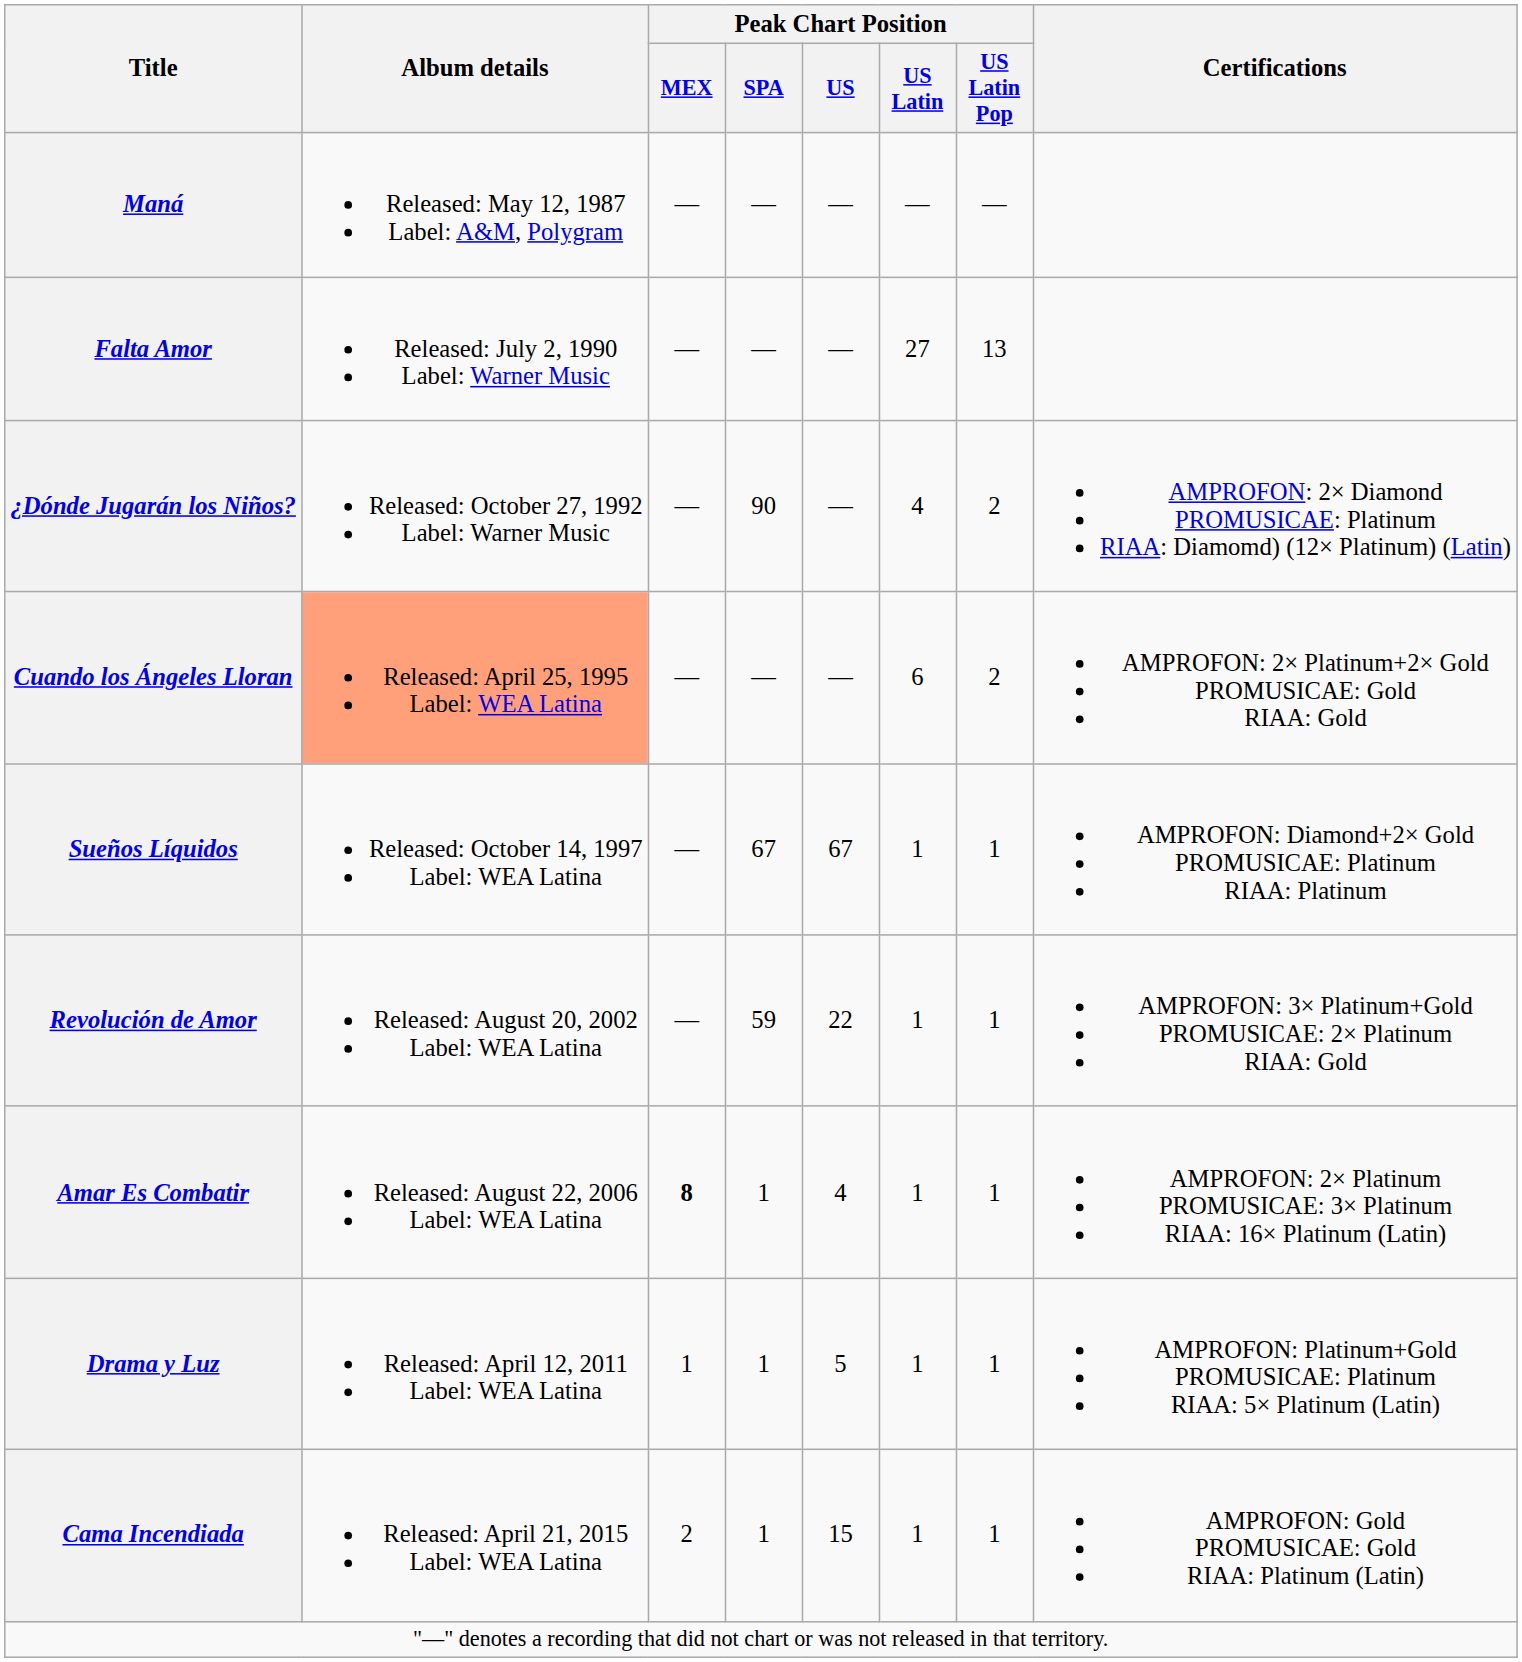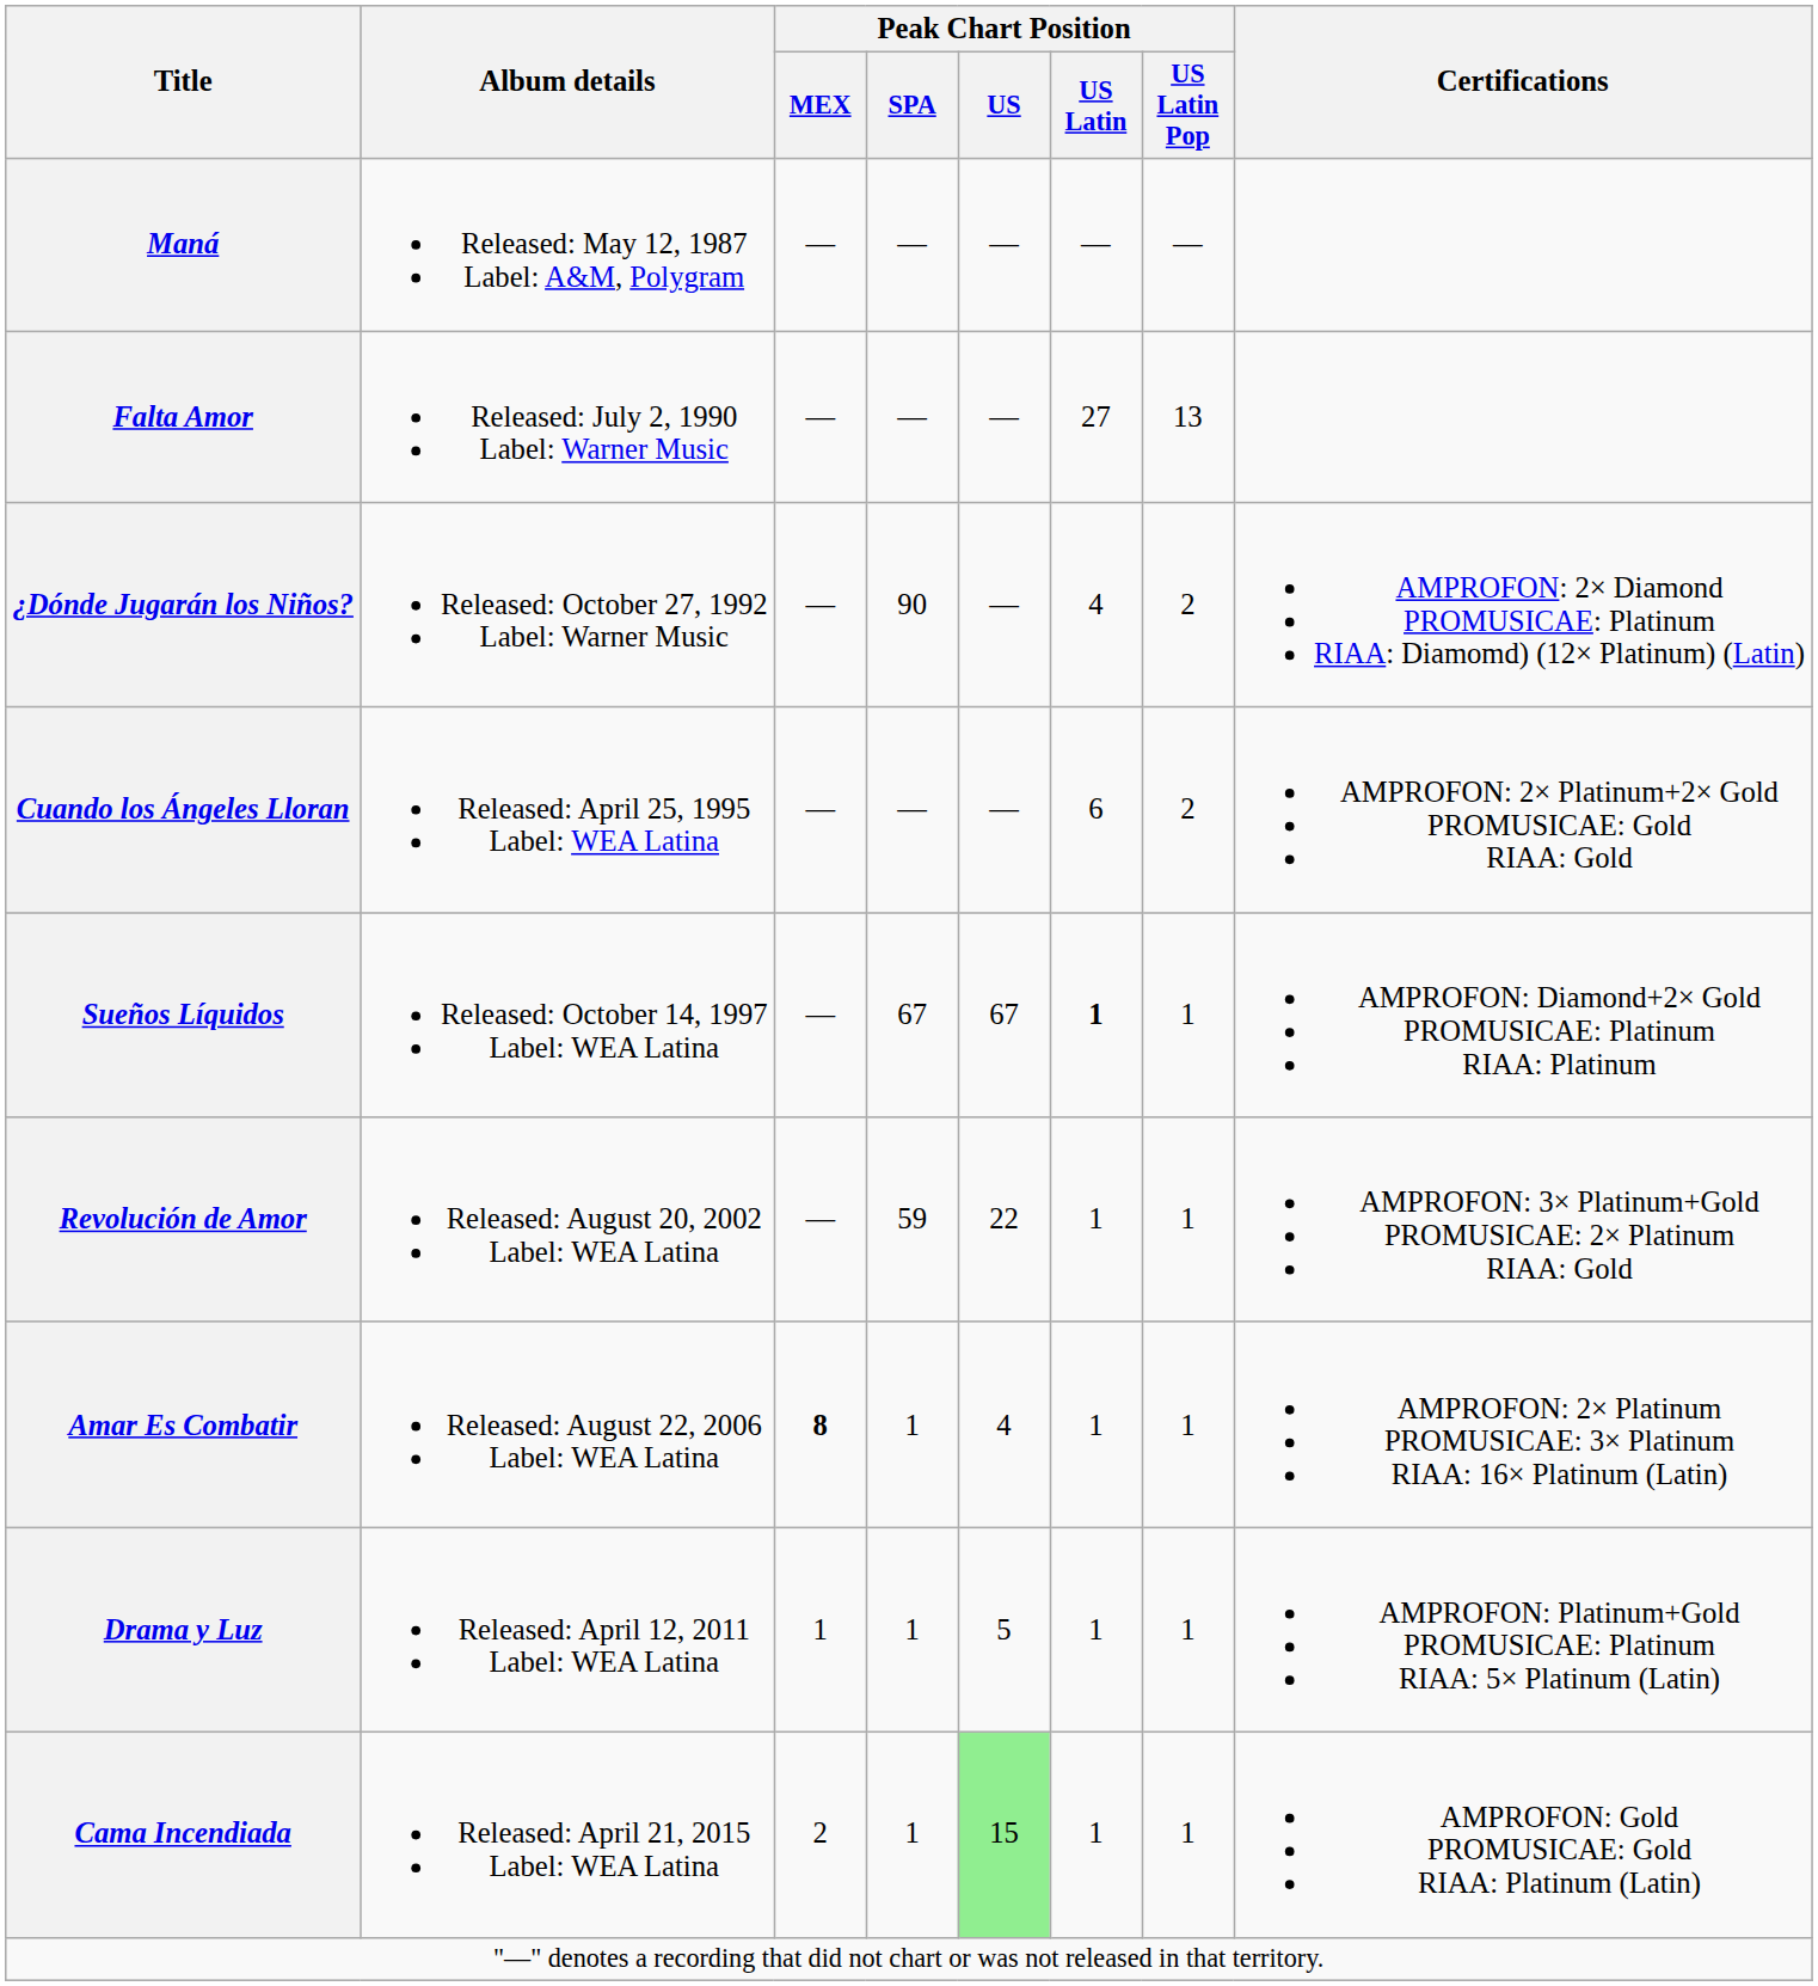 <table class="wikitable plainrowheaders" style="text-align:center;">
 <tr>
 <th rowspan="2">Title</th>
 <th rowspan="2">Album details</th>
 <th colspan="5">Peak Chart Position</th>
 <th rowspan="2">Certifications</th>
 </tr>
 <tr>
 <th style="width:3em;font-size:90%;"><a href='#'>MEX</a><br></th>
 <th style="width:3em;font-size:90%;"><a href='#'>SPA</a><br></th>
 <th style="width:3em;font-size:90%;"><a href='#'>US</a><br></th>
 <th style="width:3em;font-size:90%;"><a href='#'>US<br>Latin</a><br></th>
 <th style="width:3em;font-size:90%;"><a href='#'>US<br>Latin Pop</a><br></th>
 </tr>
 <tr>
 <th scope="row"><em><a href='#'>Maná</a></em></th>
 <td><br><ul><li>Released: May 12, 1987</li><li>Label: <a href='#'>A&M</a>, <a href='#'>Polygram</a></li></ul></td>
 <td align="center">—</td>
 <td>—</td>
 <td align="center">—</td>
 <td align="center">—</td>
 <td align="center">—</td>
 <td></td>
 </tr>
 <tr>
 <th scope="row"><em><a href='#'>Falta Amor</a></em></th>
 <td><br><ul><li>Released: July 2, 1990</li><li>Label: <a href='#'>Warner Music</a></li></ul></td>
 <td align="center">—</td>
 <td>—</td>
 <td align="center">—</td>
 <td align="center">27</td>
 <td align="center">13</td>
 <td></td>
 </tr>
 <tr>
 <th scope="row"><em><a href='#'>¿Dónde Jugarán los Niños?</a></em></th>
 <td><br><ul><li>Released: October 27, 1992</li><li>Label: Warner Music</li></ul></td>
 <td align="center">—</td>
 <td>90</td>
 <td align="center">—</td>
 <td align="center">4</td>
 <td align="center">2</td>
 <td><br><ul><li><a href='#'>AMPROFON</a>: 2× Diamond</li><li><a href='#'>PROMUSICAE</a>: Platinum</li><li><a href='#'>RIAA</a>: Diamomd) (12× Platinum) (<a href='#'>Latin</a>)</li></ul></td>
 </tr>
 <tr>
 <th scope="row"><em><a href='#'>Cuando los Ángeles Lloran</a></em></th>
-<td style="background: lightsalmon;"><br><ul><li>Released: April 25, 1995</li><li>Label: <a href='#'>WEA Latina</a></li></ul></td>
+<td><br><ul><li>Released: April 25, 1995</li><li>Label: <a href='#'>WEA Latina</a></li></ul></td>
 <td align="center">—</td>
 <td>—</td>
 <td>—</td>
 <td align="center">6</td>
 <td align="center">2</td>
 <td><br><ul><li>AMPROFON: 2× Platinum+2× Gold</li><li>PROMUSICAE: Gold</li><li>RIAA: Gold</li></ul></td>
 </tr>
 <tr>
 <th scope="row"><em><a href='#'>Sueños Líquidos</a></em></th>
 <td><br><ul><li>Released: October 14, 1997</li><li>Label: WEA Latina</li></ul></td>
 <td align="center">—</td>
 <td>67</td>
 <td align="center">67</td>
-<td align="center">1</td>
+<td align="center"><strong>1</strong></td>
 <td align="center">1</td>
 <td><br><ul><li>AMPROFON: Diamond+2× Gold</li><li>PROMUSICAE: Platinum</li><li>RIAA: Platinum</li></ul></td>
 </tr>
 <tr>
 <th scope="row"><em><a href='#'>Revolución de Amor</a></em></th>
 <td><br><ul><li>Released: August 20, 2002</li><li>Label: WEA Latina</li></ul></td>
 <td align="center">—</td>
 <td>59</td>
 <td align="center">22</td>
 <td align="center">1</td>
 <td align="center">1</td>
 <td><br><ul><li>AMPROFON: 3× Platinum+Gold</li><li>PROMUSICAE: 2× Platinum</li><li>RIAA: Gold</li></ul></td>
 </tr>
 <tr>
 <th scope="row"><em><a href='#'>Amar Es Combatir</a></em></th>
 <td><br><ul><li>Released: August 22, 2006</li><li>Label: WEA Latina</li></ul></td>
 <td align="center"><strong>8</strong></td>
 <td>1</td>
 <td align="center">4</td>
 <td align="center">1</td>
 <td align="center">1</td>
 <td><br><ul><li>AMPROFON: 2× Platinum</li><li>PROMUSICAE: 3× Platinum</li><li>RIAA: 16× Platinum (Latin)</li></ul></td>
 </tr>
 <tr>
 <th scope="row"><em><a href='#'>Drama y Luz</a></em></th>
 <td><br><ul><li>Released: April 12, 2011</li><li>Label: WEA Latina</li></ul></td>
 <td align="center">1</td>
 <td>1</td>
 <td align="center">5</td>
 <td align="center">1</td>
 <td align="center">1</td>
 <td><br><ul><li>AMPROFON: Platinum+Gold</li><li>PROMUSICAE: Platinum</li><li>RIAA: 5× Platinum (Latin)</li></ul></td>
 </tr>
 <tr>
 <th scope="row"><em><a href='#'>Cama Incendiada</a></em></th>
 <td><br><ul><li>Released: April 21, 2015</li><li>Label: WEA Latina</li></ul></td>
 <td align="center">2</td>
 <td>1</td>
-<td align="center">15</td>
+<td align="center" style="background: lightgreen;">15</td>
 <td align="center">1</td>
 <td align="center">1</td>
 <td><br><ul><li>AMPROFON: Gold</li><li>PROMUSICAE: Gold</li><li>RIAA: Platinum (Latin)</li></ul></td>
 </tr>
 <tr>
 <td align="center" colspan="11" style="font-size:90%">"—" denotes a recording that did not chart or was not released in that territory.</td>
 </tr>
 </table>
